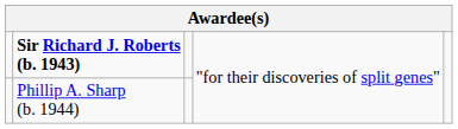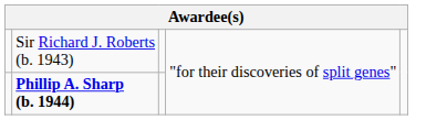 <table class="wikitable">
 <tr>
 <th colspan="5">Awardee(s)</th>
 </tr>
 <tr>
 <td></td>
-<td><strong>Sir <a href='#'>Richard J. Roberts</a><br>(b. 1943)</strong></td>
+<td>Sir <a href='#'>Richard J. Roberts</a><br>(b. 1943)</td>
 <td></td>
 <td rowspan="2">"for their discoveries of <a href='#'>split genes</a>"</td>
 <td rowspan="2"></td>
 </tr>
 <tr>
 <td></td>
-<td><a href='#'>Phillip A. Sharp</a><br>(b. 1944)</td>
+<td><strong><a href='#'>Phillip A. Sharp</a><br>(b. 1944)</strong></td>
 <td></td>
 </tr>
 </table>
